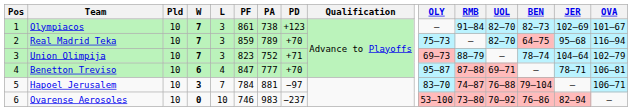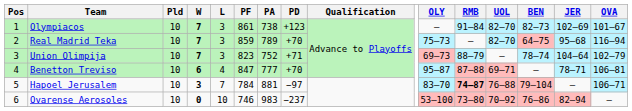 <table class="wikitable" style="text-align:center">
 <tr>
 <th scope="col" width=28><abbr>Pos</abbr></th>
 <th scope="col" width=190>Team</th>
 <th scope="col" width=28><abbr>Pld</abbr></th>
 <th scope="col" width=28><abbr>W</abbr></th>
 <th scope="col" width=28><abbr>L</abbr></th>
 <th scope="col" width=28><abbr>PF</abbr></th>
 <th scope="col" width=28><abbr>PA</abbr></th>
 <th scope="col" width=28><abbr>PD</abbr></th>
 <th scope="col">Qualification</th>
 <th scope="row" class="unsortable" style="background-color:white;border-top:white;border-bottom:white;line-width:3pt;"></th>
 <th scope="col" width=28> <a href='#'>OLY</a></th>
 <th scope="col" width=28> <a href='#'>RMB</a></th>
 <th scope="col" width=28> <a href='#'>UOL</a></th>
 <th scope="col" width=28> <a href='#'>BEN</a></th>
 <th scope="col" width=28> <a href='#'>JER</a></th>
 <th scope="col" width=28> <a href='#'>OVA</a></th>
 </tr>
 <tr>
 <th scope="row" style="text-align: center;font-weight: normal;background-color:#BBF3BB;">1</th>
 <td style="text-align: left; white-space:nowrap;font-weight: normal;background-color:#BBF3BB;"> <a href='#'>Olympiacos</a></td>
 <td style="font-weight: normal;background-color:#BBF3BB;">10</td>
 <td style="font-weight: bold;background-color:#BBF3BB;">7</td>
 <td style="font-weight: normal;background-color:#BBF3BB;">3</td>
 <td style="font-weight: normal;background-color:#BBF3BB;">861</td>
 <td style="font-weight: normal;background-color:#BBF3BB;">738</td>
 <td style="font-weight: normal;background-color:#BBF3BB;">+123</td>
 <td style="font-weight: normal;background-color:#BBF3BB;" rowspan="4">Advance to <a href='#'>Playoffs</a></td>
 <td style="background-color:white;border-top:white;border-bottom:white;"></td>
 <td style="font-weight:normal;background:transparent;">—</td>
 <td style="white-space:nowrap;font-weight:normal;background:#BBF3FF;">91–84</td>
 <td style="white-space:nowrap;font-weight:normal;background:#BBF3FF;">82–70</td>
 <td style="white-space:nowrap;font-weight:normal;background:#BBF3FF;">82–73</td>
 <td style="white-space:nowrap;font-weight:normal;background:#BBF3FF;">102–69</td>
 <td style="white-space:nowrap;font-weight:normal;background:#BBF3FF;">101–67</td>
 </tr>
 <tr>
 <th scope="row" style="text-align: center;font-weight: normal;background-color:#BBF3BB;">2</th>
 <td style="text-align: left; white-space:nowrap;font-weight: normal;background-color:#BBF3BB;"> <a href='#'>Real Madrid Teka</a></td>
 <td style="font-weight: normal;background-color:#BBF3BB;">10</td>
 <td style="font-weight: bold;background-color:#BBF3BB;">7</td>
 <td style="font-weight: normal;background-color:#BBF3BB;">3</td>
 <td style="font-weight: normal;background-color:#BBF3BB;">859</td>
 <td style="font-weight: normal;background-color:#BBF3BB;">789</td>
 <td style="font-weight: normal;background-color:#BBF3BB;">+70</td>
 <td style="background-color:white;border-top:white;border-bottom:white;"></td>
 <td style="white-space:nowrap;font-weight:normal;background:#BBF3FF;">75–73</td>
 <td style="font-weight:normal;background:transparent;">—</td>
 <td style="white-space:nowrap;font-weight:normal;background:#BBF3FF;">82–70</td>
 <td style="white-space:nowrap;font-weight:normal;background:#FBB;">64–75</td>
 <td style="white-space:nowrap;font-weight:normal;background:#BBF3FF;">95–68</td>
 <td style="white-space:nowrap;font-weight:normal;background:#BBF3FF;">116–94</td>
 </tr>
 <tr>
 <th scope="row" style="text-align: center;font-weight: normal;background-color:#BBF3BB;">3</th>
 <td style="text-align: left; white-space:nowrap;font-weight: normal;background-color:#BBF3BB;"> <a href='#'>Union Olimpija</a></td>
 <td style="font-weight: normal;background-color:#BBF3BB;">10</td>
 <td style="font-weight: bold;background-color:#BBF3BB;">7</td>
 <td style="font-weight: normal;background-color:#BBF3BB;">3</td>
 <td style="font-weight: normal;background-color:#BBF3BB;">823</td>
 <td style="font-weight: normal;background-color:#BBF3BB;">752</td>
 <td style="font-weight: normal;background-color:#BBF3BB;">+71</td>
 <td style="background-color:white;border-top:white;border-bottom:white;"></td>
 <td style="white-space:nowrap;font-weight:normal;background:#FBB;">69–73</td>
 <td style="white-space:nowrap;font-weight:normal;background:#BBF3FF;">88–79</td>
 <td style="font-weight:normal;background:transparent;">—</td>
 <td style="white-space:nowrap;font-weight:normal;background:#BBF3FF;">78–74</td>
 <td style="white-space:nowrap;font-weight:normal;background:#BBF3FF;">104–64</td>
 <td style="white-space:nowrap;font-weight:normal;background:#BBF3FF;">102–79</td>
 </tr>
 <tr>
 <th scope="row" style="text-align: center;font-weight: normal;background-color:#BBF3BB;">4</th>
 <td style="text-align: left; white-space:nowrap;font-weight: normal;background-color:#BBF3BB;"> <a href='#'>Benetton Treviso</a></td>
 <td style="font-weight: normal;background-color:#BBF3BB;">10</td>
 <td style="font-weight: bold;background-color:#BBF3BB;">6</td>
 <td style="font-weight: normal;background-color:#BBF3BB;">4</td>
 <td style="font-weight: normal;background-color:#BBF3BB;">847</td>
 <td style="font-weight: normal;background-color:#BBF3BB;">777</td>
 <td style="font-weight: normal;background-color:#BBF3BB;">+70</td>
 <td style="background-color:white;border-top:white;border-bottom:white;"></td>
 <td style="white-space:nowrap;font-weight:normal;background:#BBF3FF;">95–87</td>
 <td style="white-space:nowrap;font-weight:normal;background:#FBB;">87–88</td>
 <td style="white-space:nowrap;font-weight:normal;background:#FBB;">69–71</td>
 <td style="font-weight:normal;background:transparent;">—</td>
 <td style="white-space:nowrap;font-weight:normal;background:#BBF3FF;">78–71</td>
 <td style="white-space:nowrap;font-weight:normal;background:#BBF3FF;">106–81</td>
 </tr>
 <tr>
 <th scope="row" style="text-align: center;font-weight: normal;background-color:transparent;">5</th>
 <td style="text-align: left; white-space:nowrap;font-weight: normal;background-color:transparent;"> <a href='#'>Hapoel Jerusalem</a></td>
 <td style="font-weight: normal;background-color:transparent;">10</td>
 <td style="font-weight: bold;background-color:transparent;">3</td>
 <td style="font-weight: normal;background-color:transparent;">7</td>
 <td style="font-weight: normal;background-color:transparent;">784</td>
 <td style="font-weight: normal;background-color:transparent;">881</td>
 <td style="font-weight: normal;background-color:transparent;">−97</td>
 <td style="font-weight: normal;background-color:transparent;" rowspan="2"></td>
 <td style="background-color:white;border-top:white;border-bottom:white;"></td>
 <td style="white-space:nowrap;font-weight:normal;background:#BBF3FF;">83–70</td>
-<td style="white-space:nowrap;font-weight:normal;background:#FBB;">74–87</td>
+<td style="white-space:nowrap;font-weight:normal;background:#FBB;"><strong>74–87</strong></td>
 <td style="white-space:nowrap;font-weight:normal;background:#FBB;">76–88</td>
 <td style="white-space:nowrap;font-weight:normal;background:#FBB;">79–104</td>
 <td style="font-weight:normal;background:transparent;">—</td>
 <td style="white-space:nowrap;font-weight:normal;background:#BBF3FF;">106–71</td>
 </tr>
 <tr>
 <th scope="row" style="text-align: center;font-weight: normal;background-color:transparent;">6</th>
 <td style="text-align: left; white-space:nowrap;font-weight: normal;background-color:transparent;"> <a href='#'>Ovarense Aerosoles</a></td>
 <td style="font-weight: normal;background-color:transparent;">10</td>
 <td style="font-weight: bold;background-color:transparent;">0</td>
 <td style="font-weight: normal;background-color:transparent;">10</td>
 <td style="font-weight: normal;background-color:transparent;">746</td>
 <td style="font-weight: normal;background-color:transparent;">983</td>
 <td style="font-weight: normal;background-color:transparent;">−237</td>
 <td style="background-color:white;border-top:white;border-bottom:white;"></td>
 <td style="white-space:nowrap;font-weight:normal;background:#FBB;">53–100</td>
 <td style="white-space:nowrap;font-weight:normal;background:#FBB;">73–80</td>
 <td style="white-space:nowrap;font-weight:normal;background:#FBB;">70–92</td>
 <td style="white-space:nowrap;font-weight:normal;background:#FBB;">76–86</td>
 <td style="white-space:nowrap;font-weight:normal;background:#FBB;">82–94</td>
 <td style="font-weight:normal;background:transparent;">—</td>
 </tr>
 </table>
